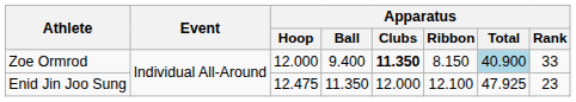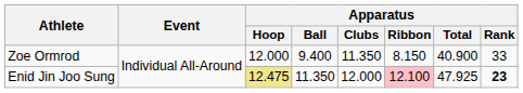 <table class=wikitable style="font-size:90%">
 <tr>
 <th rowspan=2>Athlete</th>
 <th rowspan=2>Event</th>
 <th colspan=6>Apparatus</th>
 </tr>
 <tr style="font-size:95%">
 <th>Hoop</th>
 <th>Ball</th>
 <th>Clubs</th>
 <th>Ribbon</th>
 <th>Total</th>
 <th>Rank</th>
 </tr>
 <tr align=center>
 <td align=left>Zoe Ormrod</td>
 <td align=left rowspan=2>Individual All-Around</td>
 <td>12.000</td>
 <td>9.400</td>
-<td><strong>11.350</strong></td>
+<td>11.350</td>
 <td>8.150</td>
-<td style="background: lightblue;">40.900</td>
+<td>40.900</td>
 <td>33</td>
 </tr>
 <tr align=center>
 <td align=left>Enid Jin Joo Sung</td>
-<td>12.475</td>
+<td style="background: khaki;">12.475</td>
 <td>11.350</td>
 <td>12.000</td>
-<td>12.100</td>
+<td style="background: pink;">12.100</td>
 <td>47.925</td>
-<td>23</td>
+<td><strong>23</strong></td>
 </tr>
 </table>
